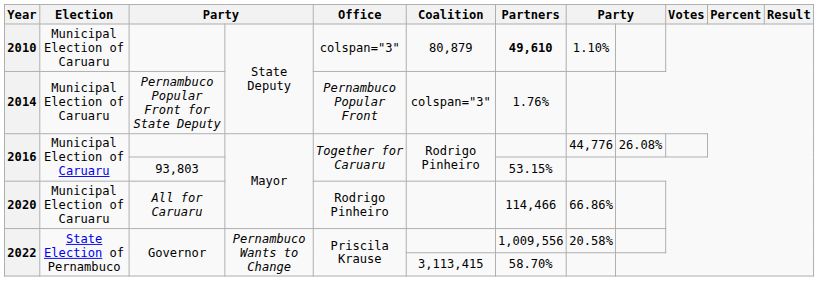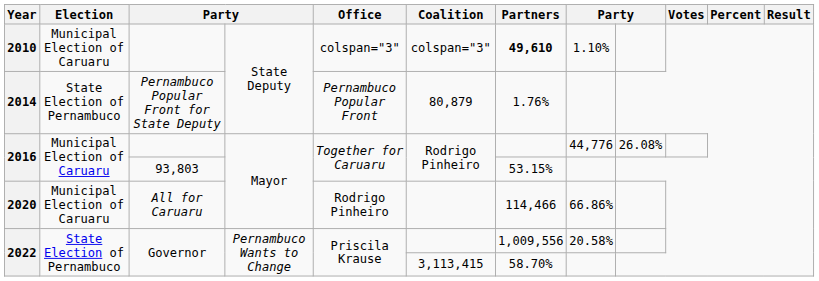 <table class="wikitable" style="text-align:center">
 <tr>
 <th>Year</th>
 <th>Election</th>
 <th colspan="2">Party</th>
 <th>Office</th>
 <th>Coalition</th>
 <th>Partners</th>
 <th colspan="2">Party</th>
 <th>Votes</th>
 <th>Percent</th>
 <th>Result</th>
 </tr>
 <tr>
 <th>2010</th>
 <td>Municipal Election of Caruaru</td>
 <td></td>
 <td rowspan="2">State Deputy</td>
 <td>colspan="3" </td>
-<td>80,879</td>
+<td>colspan="3" </td>
 <td><strong>49,610</strong></td>
 <td>1.10%</td>
 <td></td>
 </tr>
 <tr>
 <th>2014</th>
-<td>Municipal Election of Caruaru</td>
+<td>State Election of Pernambuco</td>
 <td><em>Pernambuco Popular Front for State Deputy</em><br></td>
 <td><em>Pernambuco Popular Front</em><br></td>
-<td>colspan="3" </td>
+<td>80,879</td>
 <td>1.76%</td>
 <td></td>
 </tr>
 <tr>
 <th rowspan="2">2016</th>
 <td rowspan="2">Municipal Election of <a href='#'>Caruaru</a></td>
 <td></td>
 <td rowspan="3">Mayor</td>
 <td rowspan="2"><em>Together for Caruaru</em><br></td>
 <td rowspan="2">Rodrigo Pinheiro</td>
 <td></td>
 <td>44,776</td>
 <td>26.08%</td>
 <td></td>
 </tr>
 <tr>
 <td>93,803</td>
 <td>53.15%</td>
 <td></td>
 </tr>
 <tr>
 <th>2020</th>
 <td>Municipal Election of Caruaru</td>
 <td><em>All for Caruaru</em><br></td>
 <td>Rodrigo Pinheiro</td>
 <td></td>
 <td>114,466</td>
 <td>66.86%</td>
 <td></td>
 </tr>
 <tr>
 <th rowspan="2">2022</th>
 <td rowspan="2"><a href='#'>State Election</a> of Pernambuco</td>
 <td rowspan="2">Governor</td>
 <td rowspan="2"><em>Pernambuco Wants to Change</em><br></td>
 <td rowspan="2">Priscila Krause</td>
 <td></td>
 <td>1,009,556</td>
 <td>20.58%</td>
 <td></td>
 </tr>
 <tr>
 <td>3,113,415</td>
 <td>58.70%</td>
 <td></td>
 </tr>
 </table>
